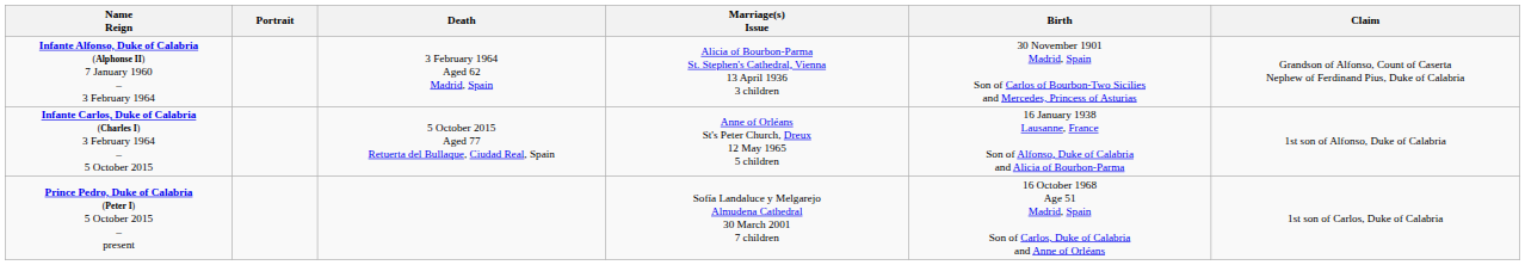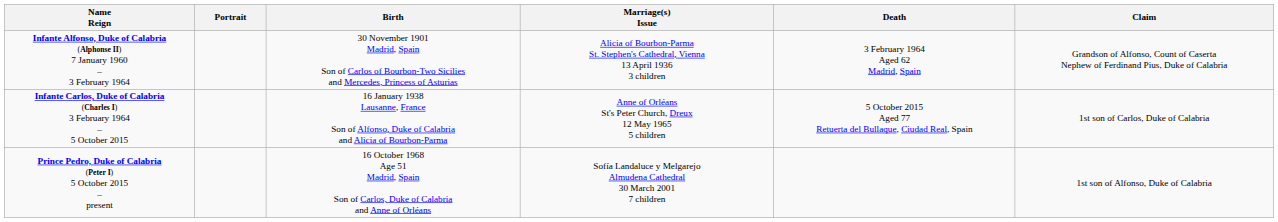 <table style="text-align:center; width:100%; font-size:90%" class="wikitable">
 <tr>
 <th width=15%>Name<br>Reign</th>
 <th width="105">Portrait</th>
+<th width=20%>Birth</th>
+<th width=20%>Marriage(s)<br>Issue</th>
 <th width=19%>Death</th>
-<th width=20%>Marriage(s)<br>Issue</th>
-<th width=20%>Birth</th>
 <th>Claim</th>
 </tr>
 <tr>
 <td><strong><a href='#'>Infante Alfonso, Duke of Calabria</a></strong><br><small>(<strong>Alphonse II</strong>)</small><br>7 January 1960<br>–<br>3 February 1964</td>
 <td></td>
+<td>30 November 1901<br><a href='#'>Madrid</a>, <a href='#'>Spain</a><br><br>Son of <a href='#'>Carlos of Bourbon-Two Sicilies</a><br>and <a href='#'>Mercedes, Princess of Asturias</a></td>
+<td><a href='#'>Alicia of Bourbon-Parma</a><br><a href='#'>St. Stephen's Cathedral, Vienna</a><br>13 April 1936<br>3 children</td>
 <td>3 February 1964<br>Aged 62<br><a href='#'>Madrid</a>, <a href='#'>Spain</a></td>
-<td><a href='#'>Alicia of Bourbon-Parma</a><br><a href='#'>St. Stephen's Cathedral, Vienna</a><br>13 April 1936<br>3 children</td>
-<td>30 November 1901<br><a href='#'>Madrid</a>, <a href='#'>Spain</a><br><br>Son of <a href='#'>Carlos of Bourbon-Two Sicilies</a><br>and <a href='#'>Mercedes, Princess of Asturias</a></td>
 <td>Grandson of Alfonso, Count of Caserta<br>Nephew of Ferdinand Pius, Duke of Calabria</td>
 </tr>
 <tr>
 <td><strong><a href='#'>Infante Carlos, Duke of Calabria</a></strong><br><small>(<strong>Charles I</strong>)</small><br>3 February 1964<br>–<br>5 October 2015</td>
 <td></td>
+<td>16 January 1938<br><a href='#'>Lausanne</a>, <a href='#'>France</a><br><br>Son of <a href='#'>Alfonso, Duke of Calabria</a><br>and <a href='#'>Alicia of Bourbon-Parma</a></td>
+<td><a href='#'>Anne of Orléans</a><br>St's Peter Church, <a href='#'>Dreux</a><br>12 May 1965<br>5 children</td>
 <td>5 October 2015<br>Aged 77<br><a href='#'>Retuerta del Bullaque</a>, <a href='#'>Ciudad Real</a>, Spain</td>
-<td><a href='#'>Anne of Orléans</a><br>St's Peter Church, <a href='#'>Dreux</a><br>12 May 1965<br>5 children</td>
-<td>16 January 1938<br><a href='#'>Lausanne</a>, <a href='#'>France</a><br><br>Son of <a href='#'>Alfonso, Duke of Calabria</a><br>and <a href='#'>Alicia of Bourbon-Parma</a></td>
-<td>1st son of Alfonso, Duke of Calabria</td>
+<td>1st son of Carlos, Duke of Calabria</td>
 </tr>
 <tr>
 <td><strong><a href='#'>Prince Pedro, Duke of Calabria</a></strong><br><small>(<strong>Peter I</strong>)</small><br>5 October 2015<br>–<br>present</td>
 <td></td>
+<td>16 October 1968<br>Age 51<br><a href='#'>Madrid</a>, <a href='#'>Spain</a><br><br>Son of <a href='#'>Carlos, Duke of Calabria</a><br>and <a href='#'>Anne of Orléans</a></td>
+<td>Sofía Landaluce y Melgarejo<br><a href='#'>Almudena Cathedral</a><br>30 March 2001<br>7 children</td>
 <td></td>
-<td>Sofía Landaluce y Melgarejo<br><a href='#'>Almudena Cathedral</a><br>30 March 2001<br>7 children</td>
-<td>16 October 1968<br>Age 51<br><a href='#'>Madrid</a>, <a href='#'>Spain</a><br><br>Son of <a href='#'>Carlos, Duke of Calabria</a><br>and <a href='#'>Anne of Orléans</a></td>
-<td>1st son of Carlos, Duke of Calabria</td>
+<td>1st son of Alfonso, Duke of Calabria</td>
 </tr>
 </table>
